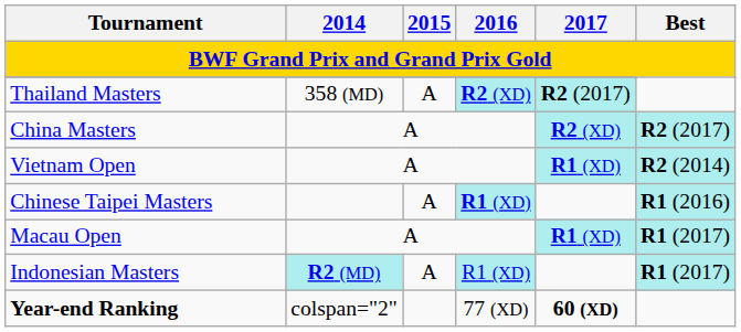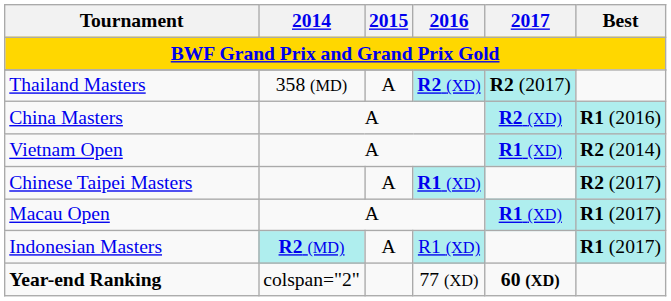 <table style='font-size: 90%; text-align:center;' class='wikitable'>
 <tr>
 <th width=180>Tournament</th>
 <th><a href='#'>2014</a></th>
 <th><a href='#'>2015</a></th>
 <th><a href='#'>2016</a></th>
 <th><a href='#'>2017</a></th>
 <th>Best</th>
 </tr>
 <tr bgcolor=FFD700>
 <td colspan=20 align=center><strong><a href='#'>BWF Grand Prix and Grand Prix Gold</a></strong></td>
 </tr>
 <tr>
 </tr>
 <tr>
 <td align=left> <a href='#'>Thailand Masters</a></td>
 <td align=center>358 <small>(MD)</small></td>
 <td>A</td>
 <td bgcolor=AFEEEE><a href='#'><strong>R2</strong> <small>(XD)</small></a></td>
 <td bgcolor=AFEEEE><strong>R2</strong> (2017)</td>
 </tr>
 <tr>
 <td align=left> <a href='#'>China Masters</a></td>
 <td colspan="3">A</td>
 <td bgcolor=AFEEEE><a href='#'><strong>R2</strong> <small>(XD)</small></a></td>
-<td bgcolor=AFEEEE><strong>R2</strong> (2017)</td>
+<td bgcolor=AFEEEE><strong>R1</strong> (2016)</td>
 </tr>
 <tr>
 <td align=left> <a href='#'>Vietnam Open</a></td>
 <td colspan="3">A</td>
 <td bgcolor=AFEEEE><a href='#'><strong>R1</strong> <small>(XD)</small></a></td>
 <td bgcolor=AFEEEE><strong>R2</strong> (2014)</td>
 </tr>
 <tr>
 <td align=left> <a href='#'>Chinese Taipei Masters</a></td>
 <td></td>
 <td>A</td>
 <td bgcolor=AFEEEE><a href='#'><strong>R1</strong> <small>(XD)</small></a></td>
 <td></td>
-<td bgcolor=AFEEEE><strong>R1</strong> (2016)</td>
+<td bgcolor=AFEEEE><strong>R2</strong> (2017)</td>
 </tr>
 <tr>
 <td align=left> <a href='#'>Macau Open</a></td>
 <td colspan="3">A</td>
 <td bgcolor=AFEEEE><a href='#'><strong>R1</strong> <small>(XD)</small></a></td>
 <td bgcolor=AFEEEE><strong>R1</strong> (2017)</td>
 </tr>
 <tr>
 <td align=left> <a href='#'>Indonesian Masters</a></td>
 <td bgcolor=AFEEEE><a href='#'><strong>R2</strong> <small>(MD)</small></a></td>
 <td>A</td>
 <td bgcolor=AFEEEE><a href='#'>R1 <small>(XD)</small></a></td>
 <td></td>
 <td bgcolor=AFEEEE><strong>R1</strong> (2017)</td>
 </tr>
 <tr>
 <td align=left><strong>Year-end Ranking</strong></td>
 <td>colspan="2" </td>
 <td align=center></td>
 <td align=center>77 <small>(XD)</small></td>
 <td align=center><strong>60 <small>(XD)</small></strong></td>
 <td></td>
 </tr>
 </table>
